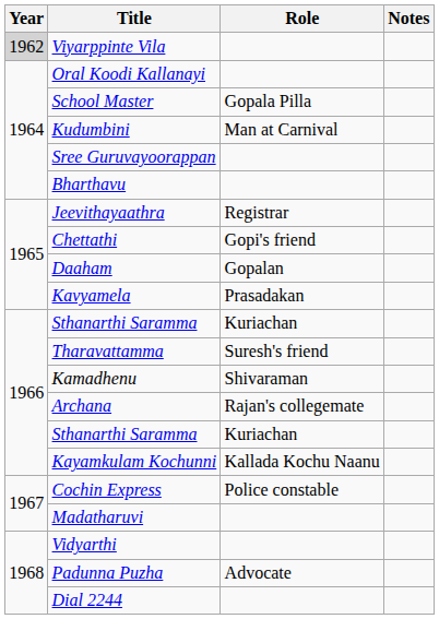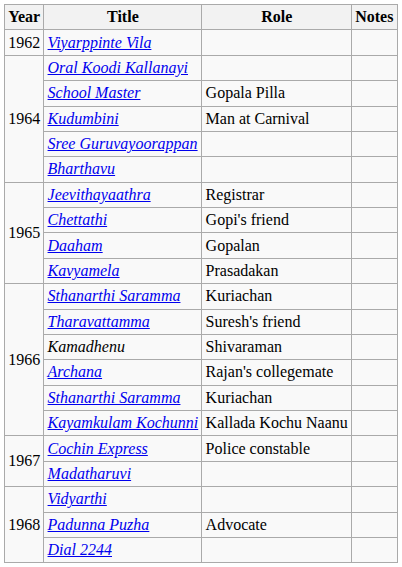 <table class="wikitable sortable">
 <tr>
 <th>Year</th>
 <th>Title</th>
 <th>Role</th>
 <th class="unsortable">Notes</th>
 </tr>
 <tr>
-<td style="background: lightgrey;">1962</td>
+<td>1962</td>
 <td><em><a href='#'>Viyarppinte Vila</a></em></td>
 <td></td>
 <td></td>
 </tr>
 <tr>
 <td rowspan=5>1964</td>
 <td><em><a href='#'>Oral Koodi Kallanayi</a></em></td>
 <td></td>
 <td></td>
 </tr>
 <tr>
 <td><em><a href='#'>School Master</a></em></td>
 <td>Gopala Pilla</td>
 <td></td>
 </tr>
 <tr>
 <td><em><a href='#'>Kudumbini</a></em></td>
 <td>Man at Carnival</td>
 <td></td>
 </tr>
 <tr>
 <td><em><a href='#'>Sree Guruvayoorappan</a></em></td>
 <td></td>
 <td></td>
 </tr>
 <tr>
 <td><em><a href='#'>Bharthavu</a></em></td>
 <td></td>
 <td></td>
 </tr>
 <tr>
 <td rowspan=4>1965</td>
 <td><em><a href='#'>Jeevithayaathra</a></em></td>
 <td>Registrar</td>
 <td></td>
 </tr>
 <tr>
 <td><em><a href='#'>Chettathi</a></em></td>
 <td>Gopi's friend</td>
 <td></td>
 </tr>
 <tr>
 <td><em><a href='#'>Daaham</a></em></td>
 <td>Gopalan</td>
 <td></td>
 </tr>
 <tr>
 <td><em><a href='#'>Kavyamela</a></em></td>
 <td>Prasadakan</td>
 <td></td>
 </tr>
 <tr>
 <td rowspan=6>1966</td>
 <td><em><a href='#'>Sthanarthi Saramma</a></em></td>
 <td>Kuriachan</td>
 <td></td>
 </tr>
 <tr>
 <td><em><a href='#'>Tharavattamma</a></em></td>
 <td>Suresh's friend</td>
 <td></td>
 </tr>
 <tr>
 <td><em>Kamadhenu</em></td>
 <td>Shivaraman</td>
 <td></td>
 </tr>
 <tr>
 <td><em><a href='#'>Archana</a></em></td>
 <td>Rajan's collegemate</td>
 <td></td>
 </tr>
 <tr>
 <td><em><a href='#'>Sthanarthi Saramma</a></em></td>
 <td>Kuriachan</td>
 <td></td>
 </tr>
 <tr>
 <td><em><a href='#'>Kayamkulam Kochunni</a></em></td>
 <td>Kallada Kochu Naanu</td>
 <td></td>
 </tr>
 <tr>
 <td rowspan=2>1967</td>
 <td><em><a href='#'>Cochin Express</a></em></td>
 <td>Police constable</td>
 <td></td>
 </tr>
 <tr>
 <td><em><a href='#'>Madatharuvi</a></em></td>
 <td></td>
 <td></td>
 </tr>
 <tr>
 <td rowspan=3>1968</td>
 <td><em><a href='#'>Vidyarthi</a></em></td>
 <td></td>
 <td></td>
 </tr>
 <tr>
 <td><em><a href='#'>Padunna Puzha</a></em></td>
 <td>Advocate</td>
 <td></td>
 </tr>
 <tr>
 <td><em><a href='#'>Dial 2244</a></em></td>
 <td></td>
 <td></td>
 </tr>
 <tr>
 </tr>
 </table>
